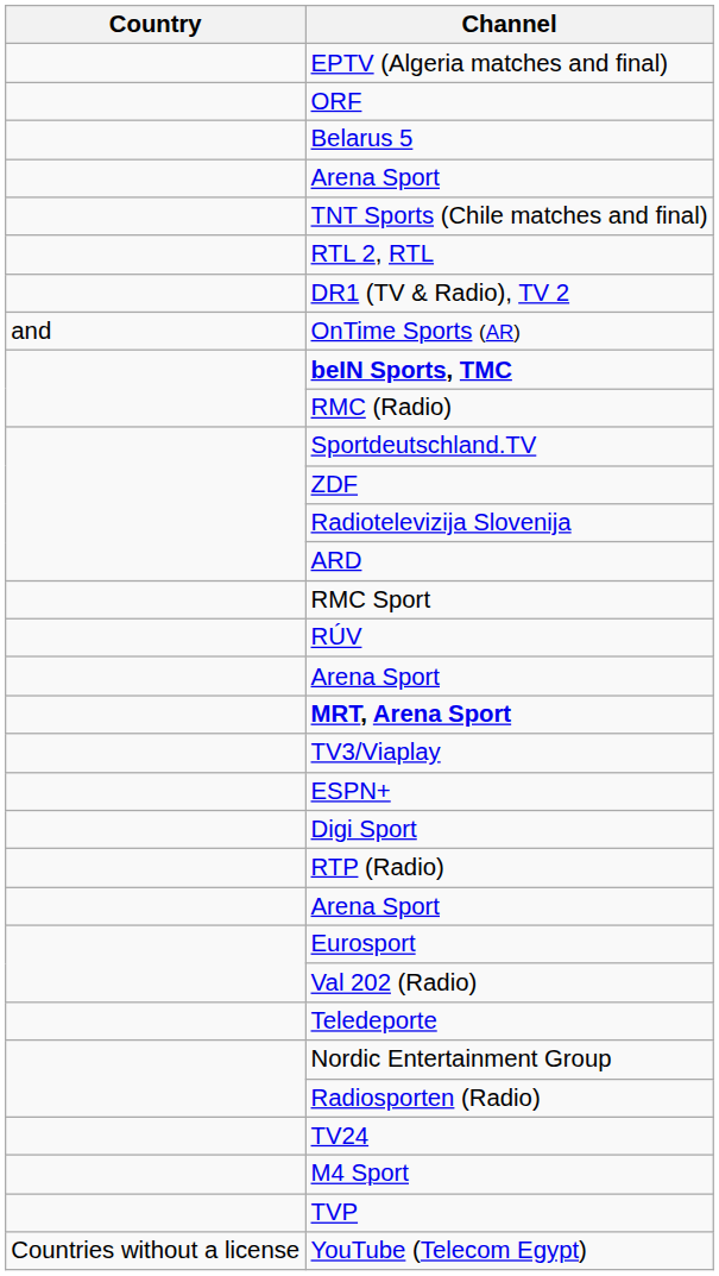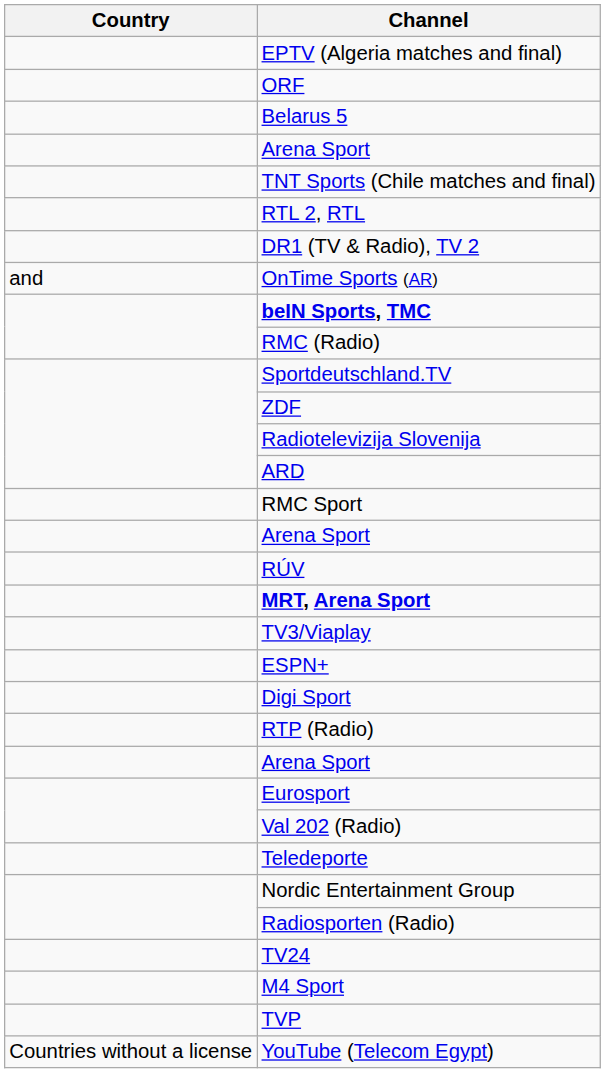 <table class="wikitable sortable">
 <tr>
 <th>Country</th>
 <th>Channel</th>
 </tr>
 <tr>
 <td></td>
 <td><a href='#'>EPTV</a> (Algeria matches and final)</td>
 </tr>
 <tr>
 <td></td>
 <td><a href='#'>ORF</a></td>
 </tr>
 <tr>
 <td></td>
 <td><a href='#'>Belarus 5</a></td>
 </tr>
 <tr>
 <td></td>
 <td><a href='#'>Arena Sport</a></td>
 </tr>
 <tr>
 <td></td>
 <td><a href='#'>TNT Sports</a> (Chile matches and final)</td>
 </tr>
 <tr>
 <td></td>
 <td><a href='#'>RTL 2</a>, <a href='#'>RTL</a></td>
 </tr>
 <tr>
 <td></td>
 <td><a href='#'>DR1</a> (TV & Radio), <a href='#'>TV 2</a></td>
 </tr>
 <tr>
 <td> and </td>
 <td><a href='#'>OnTime Sports</a> <small>(<a href='#'>AR</a>)</small></td>
 </tr>
 <tr>
 <td rowspan="2"></td>
 <td><strong><a href='#'>beIN Sports</a>, <a href='#'>TMC</a></strong></td>
 </tr>
 <tr>
 <td><a href='#'>RMC</a> (Radio)</td>
 </tr>
 <tr>
 <td rowspan="4"></td>
 <td><a href='#'>Sportdeutschland.TV</a></td>
 </tr>
 <tr>
 <td><a href='#'>ZDF</a></td>
 </tr>
 <tr>
 <td><a href='#'>Radiotelevizija Slovenija</a></td>
 </tr>
 <tr>
 <td><a href='#'>ARD</a></td>
 </tr>
 <tr>
 <td></td>
 <td>RMC Sport</td>
 </tr>
 <tr>
 <td></td>
-<td><a href='#'>RÚV</a></td>
+<td><a href='#'>Arena Sport</a></td>
 </tr>
 <tr>
 <td></td>
-<td><a href='#'>Arena Sport</a></td>
+<td><a href='#'>RÚV</a></td>
 </tr>
 <tr>
 <td></td>
 <td><strong><a href='#'>MRT</a>, <a href='#'>Arena Sport</a></strong></td>
 </tr>
 <tr>
 <td></td>
 <td><a href='#'>TV3/Viaplay</a></td>
 </tr>
 <tr>
 <td></td>
 <td><a href='#'>ESPN+</a></td>
 </tr>
 <tr>
 <td></td>
 <td><a href='#'>Digi Sport</a></td>
 </tr>
 <tr>
 <td></td>
 <td><a href='#'>RTP</a> (Radio)</td>
 </tr>
 <tr>
 <td></td>
 <td><a href='#'>Arena Sport</a></td>
 </tr>
 <tr>
 <td rowspan=2></td>
 <td><a href='#'>Eurosport</a></td>
 </tr>
 <tr>
 <td><a href='#'>Val 202</a> (Radio)</td>
 </tr>
 <tr>
 <td></td>
 <td><a href='#'>Teledeporte</a></td>
 </tr>
 <tr>
 <td rowspan=2></td>
 <td>Nordic Entertainment Group</td>
 </tr>
 <tr>
 <td><a href='#'>Radiosporten</a> (Radio)</td>
 </tr>
 <tr>
 <td></td>
 <td><a href='#'>TV24</a></td>
 </tr>
 <tr>
 <td></td>
 <td><a href='#'>M4 Sport</a></td>
 </tr>
 <tr>
 <td></td>
 <td><a href='#'>TVP</a></td>
 </tr>
 <tr>
 <td>Countries without a license</td>
 <td><a href='#'>YouTube</a> (<a href='#'>Telecom Egypt</a>)</td>
 </tr>
 </table>
